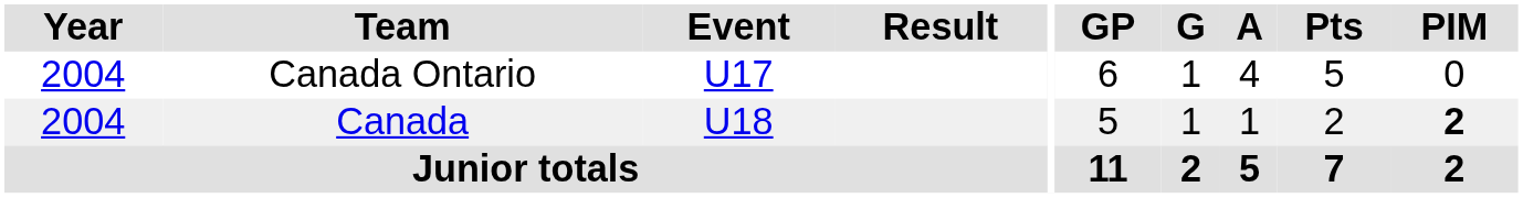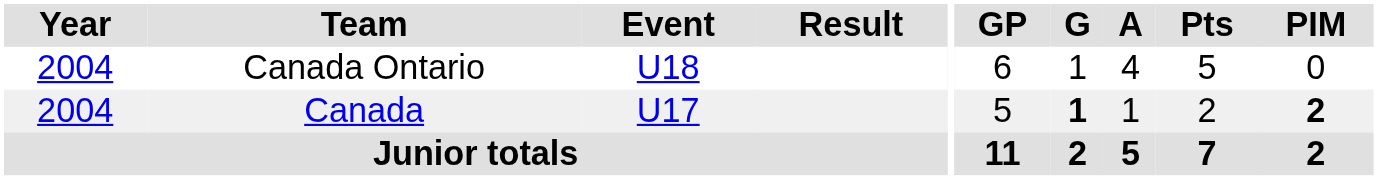 <table border="0" cellpadding="1" cellspacing="0" ID="Table3" style="text-align:center; width:40em">
 <tr ALIGN="center" bgcolor="#e0e0e0">
 <th>Year</th>
 <th>Team</th>
 <th>Event</th>
 <th>Result</th>
 <th rowspan="99" bgcolor="#ffffff"></th>
 <th>GP</th>
 <th>G</th>
 <th>A</th>
 <th>Pts</th>
 <th>PIM</th>
 </tr>
 <tr>
 <td><a href='#'>2004</a></td>
 <td>Canada Ontario</td>
-<td><a href='#'>U17</a></td>
+<td><a href='#'>U18</a></td>
 <td></td>
 <td>6</td>
 <td>1</td>
 <td>4</td>
 <td>5</td>
 <td>0</td>
 </tr>
 <tr bgcolor="#f0f0f0">
 <td><a href='#'>2004</a></td>
 <td><a href='#'>Canada</a></td>
-<td><a href='#'>U18</a></td>
+<td><a href='#'>U17</a></td>
 <td></td>
 <td>5</td>
-<td>1</td>
+<td><strong>1</strong></td>
 <td>1</td>
 <td>2</td>
 <td><strong>2</strong></td>
 </tr>
 <tr bgcolor="#e0e0e0">
 <th colspan="4">Junior totals</th>
 <th>11</th>
 <th>2</th>
 <th>5</th>
 <th>7</th>
 <th>2</th>
 </tr>
 </table>
